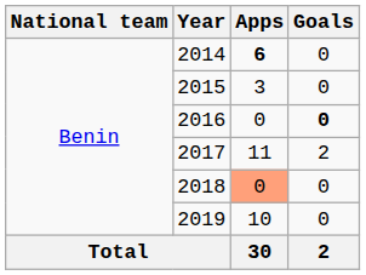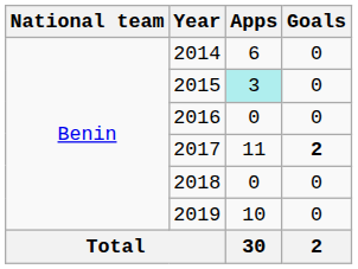 <table class="wikitable" style="text-align:center">
 <tr>
 <th>National team</th>
 <th>Year</th>
 <th>Apps</th>
 <th>Goals</th>
 </tr>
 <tr>
 <td rowspan="6"><a href='#'>Benin</a></td>
 <td>2014</td>
-<td><strong>6</strong></td>
+<td>6</td>
 <td>0</td>
 </tr>
 <tr>
 <td>2015</td>
-<td>3</td>
+<td style="background: paleturquoise;">3</td>
 <td>0</td>
 </tr>
 <tr>
 <td>2016</td>
 <td>0</td>
-<td><strong>0</strong></td>
+<td>0</td>
 </tr>
 <tr>
 <td>2017</td>
 <td>11</td>
-<td>2</td>
+<td><strong>2</strong></td>
 </tr>
 <tr>
 <td>2018</td>
-<td style="background: lightsalmon;">0</td>
+<td>0</td>
 <td>0</td>
 </tr>
 <tr>
 <td>2019</td>
 <td>10</td>
 <td>0</td>
 </tr>
 <tr>
 <th colspan="2">Total</th>
 <th>30</th>
 <th>2</th>
 </tr>
 </table>
